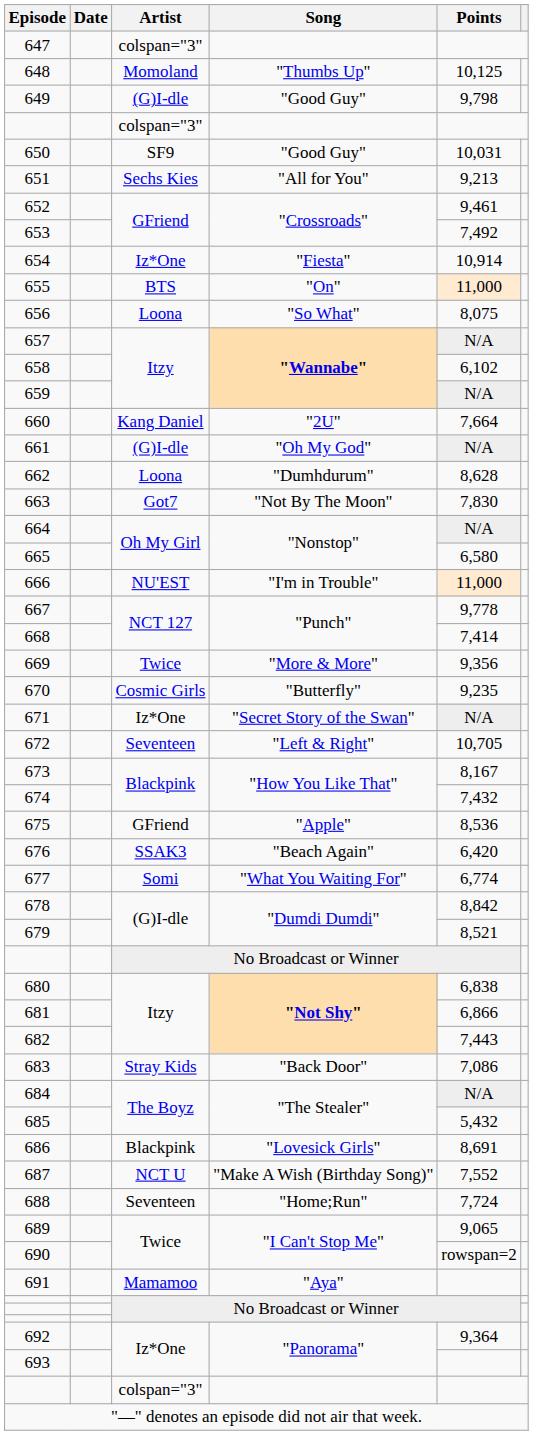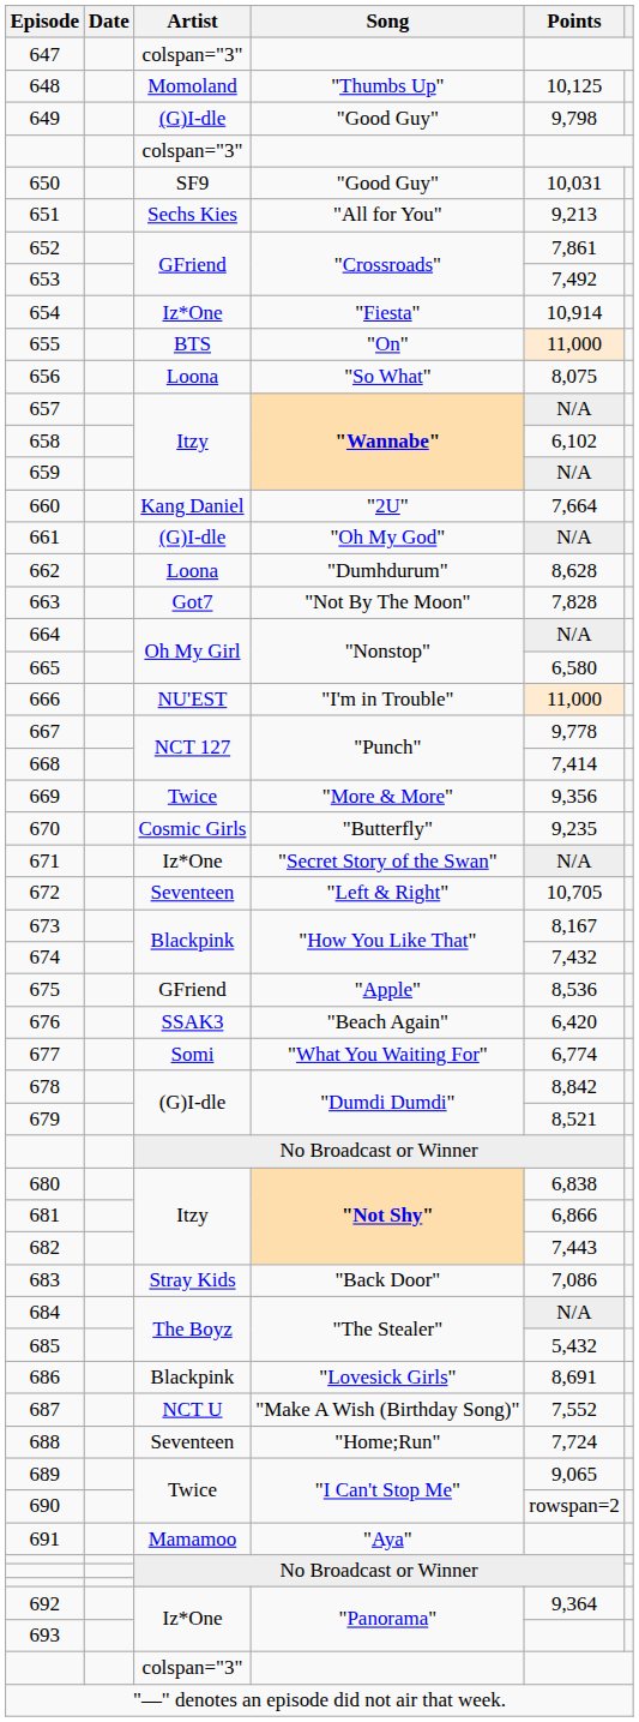 <table class="wikitable sortable" style=text-align:center>
 <tr>
 <th>Episode</th>
 <th>Date</th>
 <th>Artist</th>
 <th>Song</th>
 <th>Points</th>
 <th class="unsortable"></th>
 </tr>
 <tr>
 <td>647</td>
 <td></td>
 <td>colspan="3" </td>
 <td></td>
 </tr>
 <tr>
 <td>648</td>
 <td></td>
 <td><a href='#'>Momoland</a></td>
 <td>"<a href='#'>Thumbs Up</a>"</td>
 <td>10,125</td>
 <td></td>
 </tr>
 <tr>
 <td>649</td>
 <td></td>
 <td><a href='#'>(G)I-dle</a></td>
 <td>"Good Guy"</td>
 <td>9,798</td>
 <td></td>
 </tr>
 <tr>
 <td></td>
 <td></td>
 <td>colspan="3" </td>
 <td></td>
 </tr>
 <tr>
 <td>650</td>
 <td></td>
 <td>SF9</td>
 <td>"Good Guy"</td>
 <td>10,031</td>
 <td></td>
 </tr>
 <tr>
 <td>651</td>
 <td></td>
 <td><a href='#'>Sechs Kies</a></td>
 <td>"All for You"</td>
 <td>9,213</td>
 <td></td>
 </tr>
 <tr>
 <td>652</td>
 <td></td>
 <td rowspan="2"><a href='#'>GFriend</a></td>
 <td rowspan="2">"<a href='#'>Crossroads</a>"</td>
-<td>9,461</td>
+<td>7,861</td>
 <td></td>
 </tr>
 <tr>
 <td>653</td>
 <td></td>
 <td>7,492</td>
 <td></td>
 </tr>
 <tr>
 <td>654</td>
 <td></td>
 <td><a href='#'>Iz*One</a></td>
 <td>"<a href='#'>Fiesta</a>"</td>
 <td>10,914</td>
 <td></td>
 </tr>
 <tr>
 <td>655</td>
 <td></td>
 <td><a href='#'>BTS</a></td>
 <td>"<a href='#'>On</a>"</td>
 <td style="background: #ffebd2">11,000</td>
 <td></td>
 </tr>
 <tr>
 <td>656</td>
 <td></td>
 <td><a href='#'>Loona</a></td>
 <td>"<a href='#'>So What</a>"</td>
 <td>8,075</td>
 <td></td>
 </tr>
 <tr>
 <td>657</td>
 <td></td>
 <td rowspan="3"><a href='#'>Itzy</a></td>
 <td rowspan="3" style="font-weight: bold; background: navajowhite;">"<a href='#'>Wannabe</a>"</td>
 <td style="background:#eee;">N/A</td>
 <td></td>
 </tr>
 <tr>
 <td>658</td>
 <td></td>
 <td>6,102</td>
 <td></td>
 </tr>
 <tr>
 <td>659</td>
 <td></td>
 <td style="background:#eee;">N/A</td>
 <td></td>
 </tr>
 <tr>
 <td>660</td>
 <td></td>
 <td><a href='#'>Kang Daniel</a></td>
 <td>"<a href='#'>2U</a>"</td>
 <td>7,664</td>
 <td></td>
 </tr>
 <tr>
 <td>661</td>
 <td></td>
 <td><a href='#'>(G)I-dle</a></td>
 <td>"<a href='#'>Oh My God</a>"</td>
 <td style="background:#eee;">N/A</td>
 <td></td>
 </tr>
 <tr>
 <td>662</td>
 <td></td>
 <td><a href='#'>Loona</a></td>
 <td>"Dumhdurum"</td>
 <td>8,628</td>
 <td></td>
 </tr>
 <tr>
 <td>663</td>
 <td></td>
 <td><a href='#'>Got7</a></td>
 <td>"Not By The Moon"</td>
-<td>7,830</td>
+<td>7,828</td>
 <td></td>
 </tr>
 <tr>
 <td>664</td>
 <td></td>
 <td rowspan="2"><a href='#'>Oh My Girl</a></td>
 <td rowspan="2">"Nonstop"</td>
 <td style="background:#eee;">N/A</td>
 <td></td>
 </tr>
 <tr>
 <td>665</td>
 <td></td>
 <td>6,580</td>
 <td></td>
 </tr>
 <tr>
 <td>666</td>
 <td></td>
 <td><a href='#'>NU'EST</a></td>
 <td>"I'm in Trouble"</td>
 <td style="background: #ffebd2">11,000</td>
 <td></td>
 </tr>
 <tr>
 <td>667</td>
 <td></td>
 <td rowspan="2"><a href='#'>NCT 127</a></td>
 <td rowspan="2">"Punch"</td>
 <td>9,778</td>
 <td></td>
 </tr>
 <tr>
 <td>668</td>
 <td></td>
 <td>7,414</td>
 <td></td>
 </tr>
 <tr>
 <td>669</td>
 <td></td>
 <td><a href='#'>Twice</a></td>
 <td>"<a href='#'>More & More</a>"</td>
 <td>9,356</td>
 <td></td>
 </tr>
 <tr>
 <td>670</td>
 <td></td>
 <td><a href='#'>Cosmic Girls</a></td>
 <td>"Butterfly"</td>
 <td>9,235</td>
 <td></td>
 </tr>
 <tr>
 <td>671</td>
 <td></td>
 <td>Iz*One</td>
 <td>"<a href='#'>Secret Story of the Swan</a>"</td>
 <td style="background:#eee;">N/A</td>
 <td></td>
 </tr>
 <tr>
 <td>672</td>
 <td></td>
 <td><a href='#'>Seventeen</a></td>
 <td>"<a href='#'>Left & Right</a>"</td>
 <td>10,705</td>
 <td></td>
 </tr>
 <tr>
 <td>673</td>
 <td></td>
 <td rowspan="2"><a href='#'>Blackpink</a></td>
 <td rowspan="2">"<a href='#'>How You Like That</a>"</td>
 <td>8,167</td>
 <td></td>
 </tr>
 <tr>
 <td>674</td>
 <td></td>
 <td>7,432</td>
 <td></td>
 </tr>
 <tr>
 <td>675</td>
 <td></td>
 <td>GFriend</td>
 <td>"<a href='#'>Apple</a>"</td>
 <td>8,536</td>
 <td></td>
 </tr>
 <tr>
 <td>676</td>
 <td></td>
 <td><a href='#'>SSAK3</a></td>
 <td>"Beach Again"</td>
 <td>6,420</td>
 <td></td>
 </tr>
 <tr>
 <td>677</td>
 <td></td>
 <td><a href='#'>Somi</a></td>
 <td>"<a href='#'>What You Waiting For</a>"</td>
 <td>6,774</td>
 <td></td>
 </tr>
 <tr>
 <td>678</td>
 <td></td>
 <td rowspan="2">(G)I-dle</td>
 <td rowspan="2">"<a href='#'>Dumdi Dumdi</a>"</td>
 <td>8,842</td>
 <td></td>
 </tr>
 <tr>
 <td>679</td>
 <td></td>
 <td>8,521</td>
 <td></td>
 </tr>
 <tr>
 <td></td>
 <td></td>
 <td colspan="3" style="background:#eee;">No Broadcast or Winner</td>
 <td></td>
 </tr>
 <tr>
 <td>680</td>
 <td></td>
 <td rowspan="3">Itzy</td>
 <td rowspan="3" style="font-weight: bold; background: navajowhite;">"<a href='#'>Not Shy</a>"</td>
 <td>6,838</td>
 <td></td>
 </tr>
 <tr>
 <td>681</td>
 <td></td>
 <td>6,866</td>
 <td></td>
 </tr>
 <tr>
 <td>682</td>
 <td></td>
 <td>7,443</td>
 <td></td>
 </tr>
 <tr>
 <td>683</td>
 <td></td>
 <td><a href='#'>Stray Kids</a></td>
 <td>"Back Door"</td>
 <td>7,086</td>
 <td></td>
 </tr>
 <tr>
 <td>684</td>
 <td></td>
 <td rowspan="2"><a href='#'>The Boyz</a></td>
 <td rowspan="2">"The Stealer"</td>
 <td style="background:#eee;">N/A</td>
 <td></td>
 </tr>
 <tr>
 <td>685</td>
 <td></td>
 <td>5,432</td>
 <td></td>
 </tr>
 <tr>
 <td>686</td>
 <td></td>
 <td>Blackpink</td>
 <td>"<a href='#'>Lovesick Girls</a>"</td>
 <td>8,691</td>
 <td></td>
 </tr>
 <tr>
 <td>687</td>
 <td></td>
 <td><a href='#'>NCT U</a></td>
 <td>"Make A Wish (Birthday Song)"</td>
 <td>7,552</td>
 <td></td>
 </tr>
 <tr>
 <td>688</td>
 <td></td>
 <td>Seventeen</td>
 <td>"Home;Run"</td>
 <td>7,724</td>
 <td></td>
 </tr>
 <tr>
 <td>689</td>
 <td></td>
 <td rowspan=2>Twice</td>
 <td rowspan=2>"<a href='#'>I Can't Stop Me</a>"</td>
 <td>9,065</td>
 <td></td>
 </tr>
 <tr>
 <td>690</td>
 <td></td>
 <td>rowspan=2 </td>
 <td></td>
 </tr>
 <tr>
 <td>691</td>
 <td></td>
 <td><a href='#'>Mamamoo</a></td>
 <td>"<a href='#'>Aya</a>"</td>
 <td></td>
 </tr>
 <tr>
 <td></td>
 <td></td>
 <td rowspan="3" colspan="3" style="background:#eee;">No Broadcast or Winner</td>
 <td></td>
 </tr>
 <tr>
 <td></td>
 <td></td>
 <td rowspan="2"></td>
 </tr>
 <tr>
 <td></td>
 <td></td>
 </tr>
 <tr>
 <td>692</td>
 <td></td>
 <td rowspan="2">Iz*One</td>
 <td rowspan="2">"<a href='#'>Panorama</a>"</td>
 <td>9,364</td>
 <td></td>
 </tr>
 <tr>
 <td>693</td>
 <td></td>
 <td></td>
 <td></td>
 </tr>
 <tr>
 <td></td>
 <td></td>
 <td>colspan="3" </td>
 <td></td>
 </tr>
 <tr>
 <td colspan="6">"—" denotes an episode did not air that week.</td>
 </tr>
 </table>
